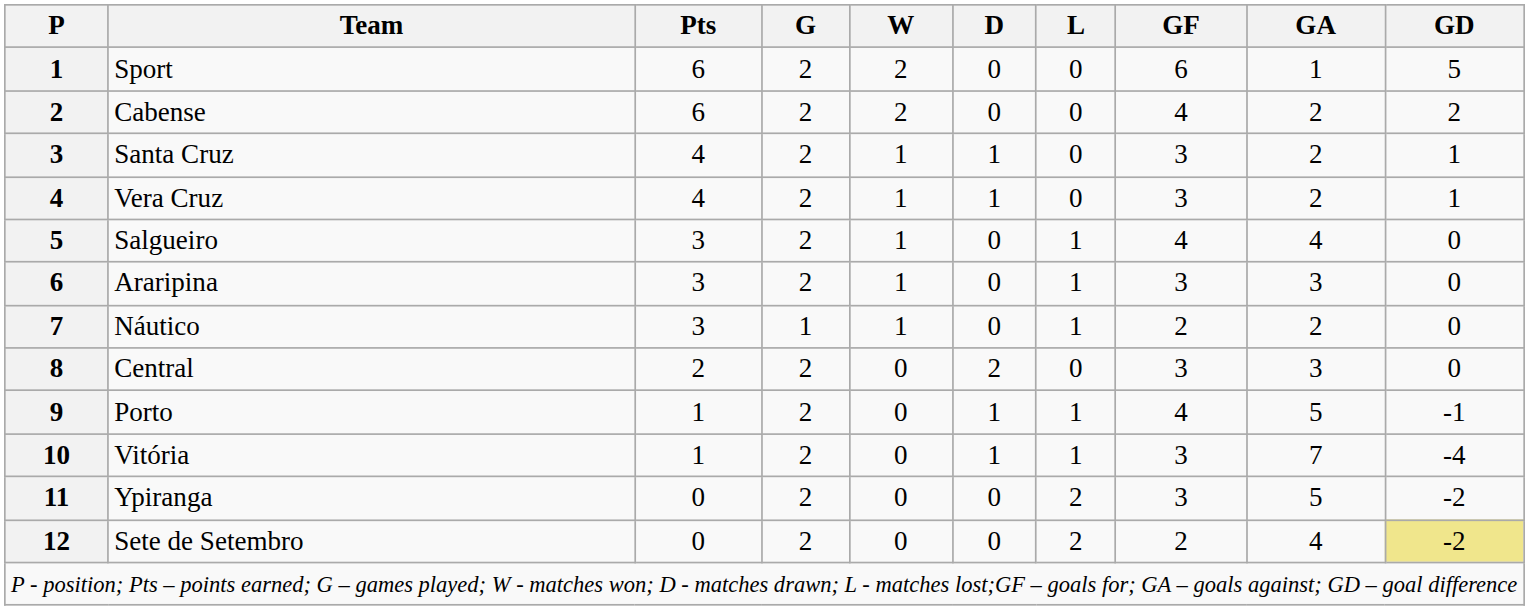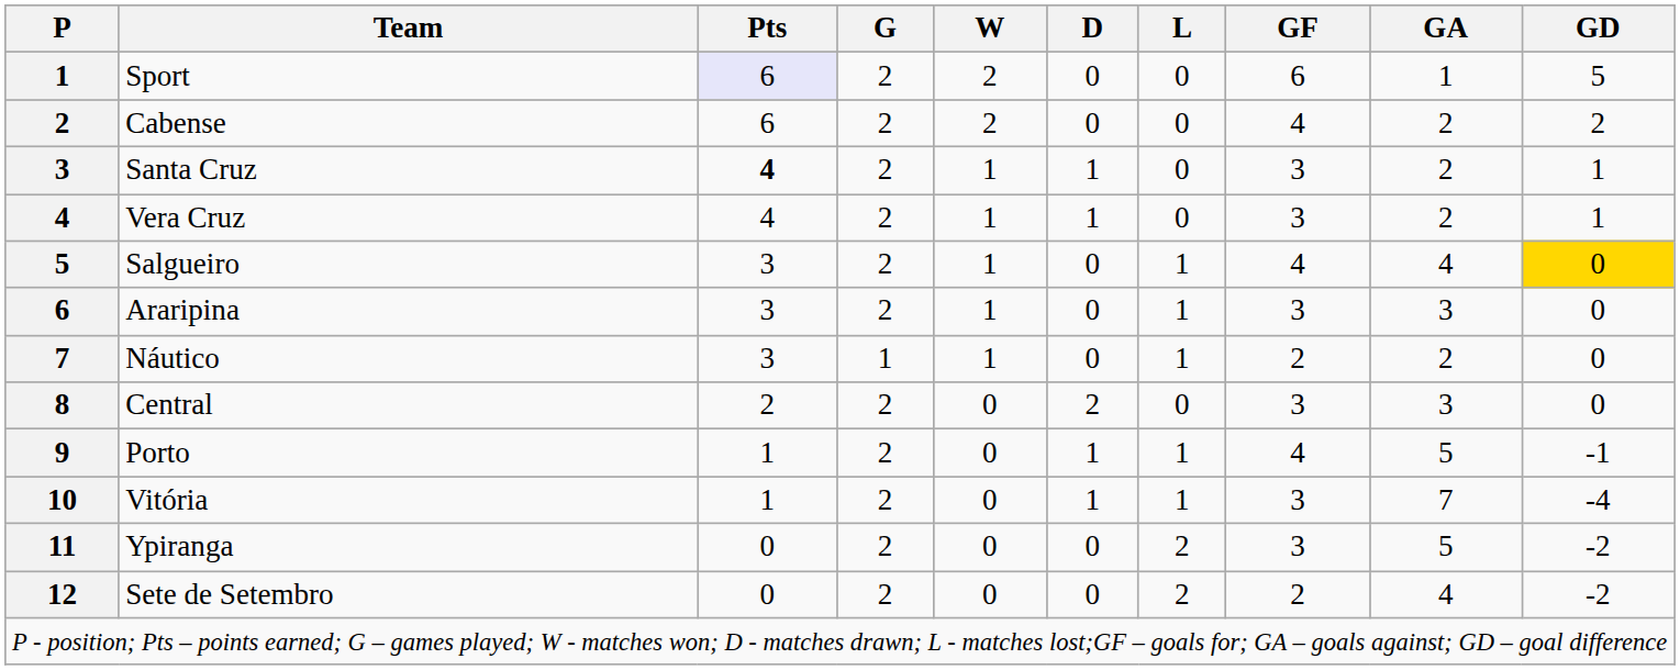 <table class="wikitable" style="text-align: center">
 <tr>
 <th>P</th>
 <th>Team</th>
 <th>Pts</th>
 <th>G</th>
 <th>W</th>
 <th>D</th>
 <th>L</th>
 <th>GF</th>
 <th>GA</th>
 <th>GD</th>
 </tr>
 <tr>
 <th>1</th>
 <td style="text-align:left">Sport</td>
-<td>6</td>
+<td style="background: lavender;">6</td>
 <td>2</td>
 <td>2</td>
 <td>0</td>
 <td>0</td>
 <td>6</td>
 <td>1</td>
 <td>5</td>
 </tr>
 <tr>
 <th>2</th>
 <td style="text-align:left">Cabense</td>
 <td>6</td>
 <td>2</td>
 <td>2</td>
 <td>0</td>
 <td>0</td>
 <td>4</td>
 <td>2</td>
 <td>2</td>
 </tr>
 <tr>
 <th>3</th>
 <td style="text-align:left">Santa Cruz</td>
-<td>4</td>
+<td><strong>4</strong></td>
 <td>2</td>
 <td>1</td>
 <td>1</td>
 <td>0</td>
 <td>3</td>
 <td>2</td>
 <td>1</td>
 </tr>
 <tr>
 <th>4</th>
 <td style="text-align:left">Vera Cruz</td>
 <td>4</td>
 <td>2</td>
 <td>1</td>
 <td>1</td>
 <td>0</td>
 <td>3</td>
 <td>2</td>
 <td>1</td>
 </tr>
 <tr>
 <th>5</th>
 <td style="text-align:left">Salgueiro</td>
 <td>3</td>
 <td>2</td>
 <td>1</td>
 <td>0</td>
 <td>1</td>
 <td>4</td>
 <td>4</td>
-<td>0</td>
+<td style="background: gold;">0</td>
 </tr>
 <tr>
 <th>6</th>
 <td style="text-align:left">Araripina</td>
 <td>3</td>
 <td>2</td>
 <td>1</td>
 <td>0</td>
 <td>1</td>
 <td>3</td>
 <td>3</td>
 <td>0</td>
 </tr>
 <tr>
 <th>7</th>
 <td style="text-align:left">Náutico</td>
 <td>3</td>
 <td>1</td>
 <td>1</td>
 <td>0</td>
 <td>1</td>
 <td>2</td>
 <td>2</td>
 <td>0</td>
 </tr>
 <tr>
 <th>8</th>
 <td style="text-align:left">Central</td>
 <td>2</td>
 <td>2</td>
 <td>0</td>
 <td>2</td>
 <td>0</td>
 <td>3</td>
 <td>3</td>
 <td>0</td>
 </tr>
 <tr>
 <th>9</th>
 <td style="text-align:left">Porto</td>
 <td>1</td>
 <td>2</td>
 <td>0</td>
 <td>1</td>
 <td>1</td>
 <td>4</td>
 <td>5</td>
 <td>-1</td>
 </tr>
 <tr>
 <th>10</th>
 <td style="text-align:left">Vitória</td>
 <td>1</td>
 <td>2</td>
 <td>0</td>
 <td>1</td>
 <td>1</td>
 <td>3</td>
 <td>7</td>
 <td>-4</td>
 </tr>
 <tr>
 <th>11</th>
 <td style="text-align:left">Ypiranga</td>
 <td>0</td>
 <td>2</td>
 <td>0</td>
 <td>0</td>
 <td>2</td>
 <td>3</td>
 <td>5</td>
 <td>-2</td>
 </tr>
 <tr>
 <th>12</th>
 <td style="text-align:left">Sete de Setembro</td>
 <td>0</td>
 <td>2</td>
 <td>0</td>
 <td>0</td>
 <td>2</td>
 <td>2</td>
 <td>4</td>
-<td style="background: khaki;">-2</td>
+<td>-2</td>
 </tr>
 <tr>
 <td colspan="12"><small><em>P - position; Pts – points earned; G – games played; W - matches won; D - matches drawn; L - matches lost;GF – goals for; GA – goals against; GD – goal difference</em></small></td>
 </tr>
 </table>
